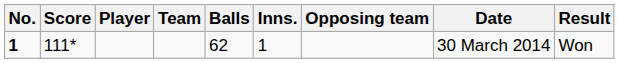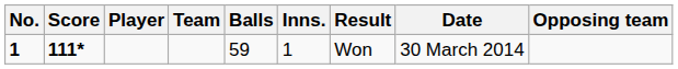 <table class="wikitable sortable" style="font-size:95%">
 <tr>
 <th scope="col">No.</th>
 <th scope="col">Score</th>
 <th scope="col">Player</th>
 <th scope="col">Team</th>
 <th scope="col">Balls</th>
 <th scope="col">Inns.</th>
+<th scope="col">Result</th>
+<th scope="col">Date</th>
 <th scope="col">Opposing team</th>
-<th scope="col">Date</th>
-<th scope="col">Result</th>
 </tr>
 <tr>
 <td><strong>1</strong></td>
-<td>111*</td>
+<td><strong>111*</strong></td>
 <td></td>
 <td></td>
-<td>62</td>
+<td>59</td>
 <td>1</td>
+<td>Won</td>
+<td>30 March 2014</td>
 <td></td>
-<td>30 March 2014</td>
-<td>Won</td>
 </tr>
 </table>
